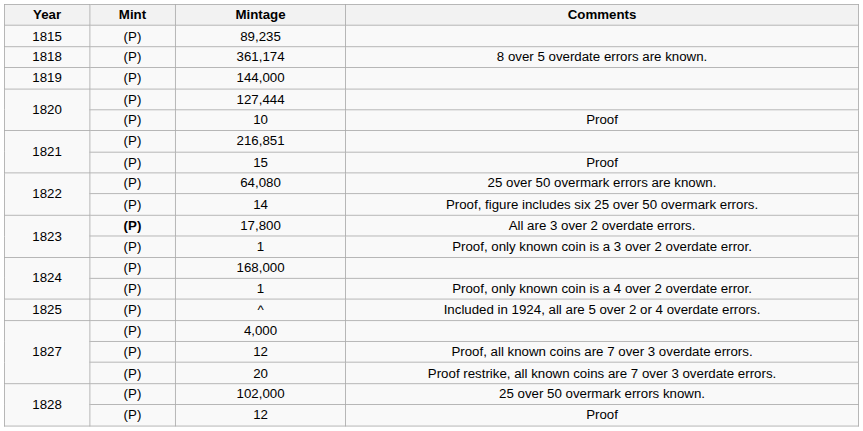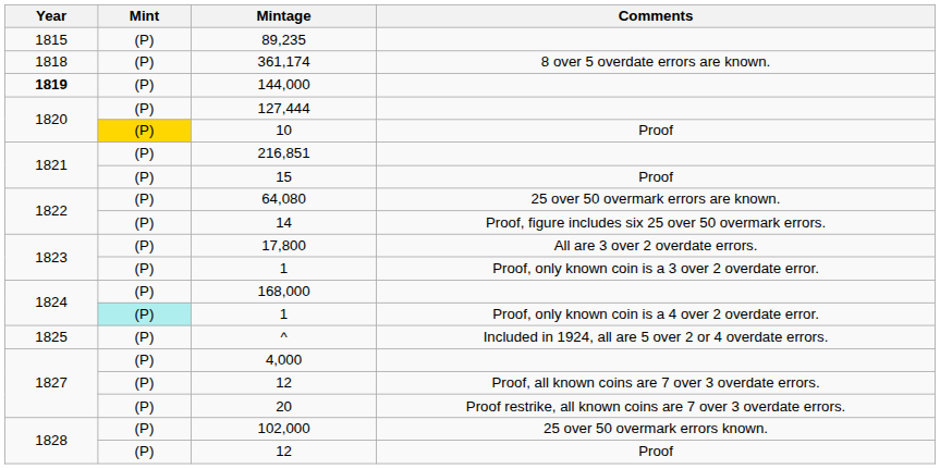 <table class="wikitable sortable" style="min-width:65%; text-align:center;">
 <tr>
 <th width="10%">Year</th>
 <th width="10%">Mint</th>
 <th width="20%">Mintage</th>
 <th width="60%">Comments</th>
 </tr>
 <tr>
 <td>1815</td>
 <td>(P)</td>
 <td>89,235</td>
 <td></td>
 </tr>
 <tr>
 <td>1818</td>
 <td>(P)</td>
 <td>361,174</td>
 <td>8 over 5 overdate errors are known.</td>
 </tr>
 <tr>
-<td>1819</td>
+<td><strong>1819</strong></td>
 <td>(P)</td>
 <td>144,000</td>
 <td></td>
 </tr>
 <tr>
 <td rowspan="2">1820</td>
 <td>(P)</td>
 <td>127,444</td>
 <td></td>
 </tr>
 <tr>
-<td>(P)</td>
+<td style="background: gold;">(P)</td>
 <td>10</td>
 <td>Proof</td>
 </tr>
 <tr>
 <td rowspan="2">1821</td>
 <td>(P)</td>
 <td>216,851</td>
 <td></td>
 </tr>
 <tr>
 <td>(P)</td>
 <td>15</td>
 <td>Proof</td>
 </tr>
 <tr>
 <td rowspan="2">1822</td>
 <td>(P)</td>
 <td>64,080</td>
 <td>25 over 50 overmark errors are known.</td>
 </tr>
 <tr>
 <td>(P)</td>
 <td>14</td>
 <td>Proof, figure includes six 25 over 50 overmark errors.</td>
 </tr>
 <tr>
 <td rowspan="2">1823</td>
-<td><strong>(P)</strong></td>
+<td>(P)</td>
 <td>17,800</td>
 <td>All are 3 over 2 overdate errors.</td>
 </tr>
 <tr>
 <td>(P)</td>
 <td>1</td>
 <td>Proof, only known coin is a 3 over 2 overdate error.</td>
 </tr>
 <tr>
 <td rowspan="2">1824</td>
 <td>(P)</td>
 <td>168,000</td>
 <td></td>
 </tr>
 <tr>
-<td>(P)</td>
+<td style="background: paleturquoise;">(P)</td>
 <td>1</td>
 <td>Proof, only known coin is a 4 over 2 overdate error.</td>
 </tr>
 <tr>
 <td>1825</td>
 <td>(P)</td>
 <td>^</td>
 <td>Included in 1924, all are 5 over 2 or 4 overdate errors.</td>
 </tr>
 <tr>
 <td rowspan="3">1827</td>
 <td>(P)</td>
 <td>4,000</td>
 <td></td>
 </tr>
 <tr>
 <td>(P)</td>
 <td>12</td>
 <td>Proof, all known coins are 7 over 3 overdate errors.</td>
 </tr>
 <tr>
 <td>(P)</td>
 <td>20</td>
 <td>Proof restrike, all known coins are 7 over 3 overdate errors.</td>
 </tr>
 <tr>
 <td rowspan="2">1828</td>
 <td>(P)</td>
 <td>102,000</td>
 <td>25 over 50 overmark errors known.</td>
 </tr>
 <tr>
 <td>(P)</td>
 <td>12</td>
 <td>Proof</td>
 </tr>
 </table>
